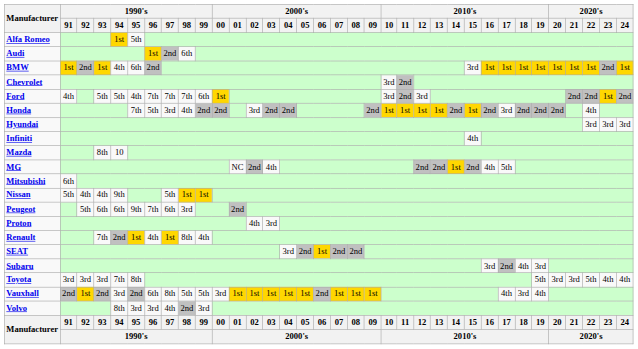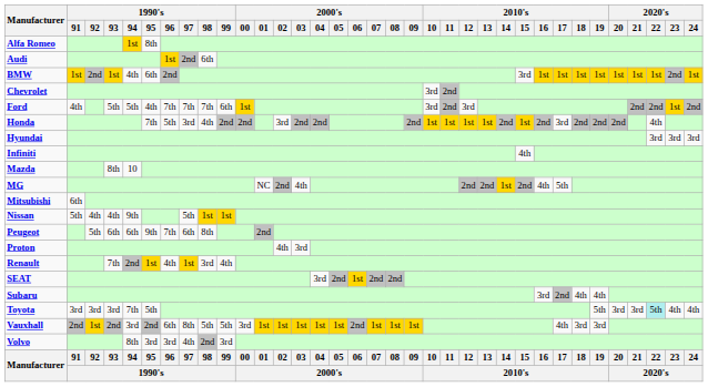 <table class="wikitable" style="font-size:85%; text-align:center">
 <tr>
 <th rowspan=2>Manufacturer</th>
 <th colspan=9>1990's</th>
 <th colspan=10>2000's</th>
 <th colspan=10>2010's</th>
 <th colspan=5>2020's</th>
 </tr>
 <tr>
 <th>91</th>
 <th>92</th>
 <th>93</th>
 <th>94</th>
 <th>95</th>
 <th>96</th>
 <th>97</th>
 <th>98</th>
 <th>99</th>
 <th>00</th>
 <th>01</th>
 <th>02</th>
 <th>03</th>
 <th>04</th>
 <th>05</th>
 <th>06</th>
 <th>07</th>
 <th>08</th>
 <th>09</th>
 <th>10</th>
 <th>11</th>
 <th>12</th>
 <th>13</th>
 <th>14</th>
 <th>15</th>
 <th>16</th>
 <th>17</th>
 <th>18</th>
 <th>19</th>
 <th>20</th>
 <th>21</th>
 <th>22</th>
 <th>23</th>
 <th>24</th>
 </tr>
 <tr>
 <td align="left"> <strong><a href='#'>Alfa Romeo</a></strong></td>
 <td style="background:#ccffcc;" colspan="3"></td>
 <td style="background:gold;">1st</td>
-<td>5th</td>
+<td>8th</td>
 <td style="background:#ccffcc;" colspan="29"></td>
 </tr>
 <tr>
 <td align="left"> <strong><a href='#'>Audi</a></strong></td>
 <td style="background:#ccffcc;" colspan="5"></td>
 <td style="background:gold;">1st</td>
 <td style="background:silver;">2nd</td>
 <td>6th</td>
 <td style="background:#ccffcc;" colspan="26"></td>
 </tr>
 <tr>
 <td align="left"> <strong><a href='#'>BMW</a></strong></td>
 <td style="background:gold;">1st</td>
 <td style="background:silver;">2nd</td>
 <td style="background:gold;">1st</td>
 <td>4th</td>
 <td>6th</td>
 <td style="background:silver;">2nd</td>
 <td style="background:#ccffcc;" colspan="18"></td>
 <td>3rd</td>
 <td style="background:gold;">1st</td>
 <td style="background:gold;">1st</td>
 <td style="background:gold;">1st</td>
 <td style="background:gold;">1st</td>
 <td style="background:gold;">1st</td>
 <td style="background:gold;">1st</td>
 <td style="background:gold;">1st</td>
 <td style="background:silver;">2nd</td>
 <td style="background:gold;">1st</td>
 </tr>
 <tr>
 <td align="left"> <strong><a href='#'>Chevrolet</a></strong></td>
 <td style="background:#ccffcc;" colspan="19"></td>
 <td>3rd</td>
 <td style="background:silver;">2nd</td>
 <td style="background:#ccffcc;" colspan="13"></td>
 </tr>
 <tr>
 <td align="left"> <strong><a href='#'>Ford</a></strong></td>
 <td>4th</td>
 <td style="background:#ccffcc;"></td>
 <td>5th</td>
 <td>5th</td>
 <td>4th</td>
 <td>7th</td>
 <td>7th</td>
 <td>7th</td>
 <td>6th</td>
 <td style="background:gold;">1st</td>
 <td style="background:#ccffcc;" colspan="9"></td>
 <td>3rd</td>
 <td style="background:silver;">2nd</td>
 <td>3rd</td>
 <td style="background:#ccffcc;" colspan="8"></td>
 <td style="background:silver;">2nd</td>
 <td style="background:silver;">2nd</td>
 <td style="background:gold;">1st</td>
 <td style="background:silver;">2nd</td>
 </tr>
 <tr>
 <td align="left"> <strong><a href='#'>Honda</a></strong></td>
 <td style="background:#ccffcc;" colspan="4"></td>
 <td>7th</td>
 <td>5th</td>
 <td>3rd</td>
 <td>4th</td>
 <td style="background:silver;">2nd</td>
 <td style="background:silver;">2nd</td>
 <td style="background:#ccffcc;"></td>
 <td>3rd</td>
 <td style="background:silver;">2nd</td>
 <td style="background:silver;">2nd</td>
 <td style="background:#ccffcc;" colspan="4"></td>
 <td style="background:silver;">2nd</td>
 <td style="background:gold;">1st</td>
 <td style="background:gold;">1st</td>
 <td style="background:gold;">1st</td>
 <td style="background:gold;">1st</td>
 <td style="background:silver;">2nd</td>
 <td style="background:gold;">1st</td>
 <td style="background:silver;">2nd</td>
 <td>3rd</td>
 <td style="background:silver;">2nd</td>
 <td style="background:silver;">2nd</td>
 <td style="background:silver;">2nd</td>
 <td style="background:#ccffcc;"></td>
 <td>4th</td>
 <td style="background:#ccffcc;" colspan="2"></td>
 </tr>
 <tr>
 <td align="left"> <strong><a href='#'>Hyundai</a></strong></td>
 <td style="background:#ccffcc;" colspan="31"></td>
 <td>3rd</td>
 <td>3rd</td>
 <td>3rd</td>
 </tr>
 <tr>
 <td align="left"> <strong><a href='#'>Infiniti</a></strong></td>
 <td style="background:#ccffcc;" colspan="24"></td>
 <td>4th</td>
 <td style="background:#ccffcc;" colspan="9"></td>
 </tr>
 <tr>
 <td align="left"> <strong><a href='#'>Mazda</a></strong></td>
 <td style="background:#ccffcc;" colspan="2"></td>
 <td>8th</td>
 <td>10</td>
 <td style="background:#ccffcc;" colspan="30"></td>
 </tr>
 <tr>
 <td align="left"> <strong><a href='#'>MG</a></strong></td>
 <td style="background:#ccffcc;" colspan="10"></td>
 <td>NC</td>
 <td style="background:silver;">2nd</td>
 <td>4th</td>
 <td style="background:#ccffcc;" colspan="8"></td>
 <td style="background:silver;">2nd</td>
 <td style="background:silver;">2nd</td>
 <td style="background:gold;">1st</td>
 <td style="background:silver;">2nd</td>
 <td>4th</td>
 <td>5th</td>
 <td style="background:#ccffcc;" colspan="7"></td>
 </tr>
 <tr>
 <td align="left"> <strong><a href='#'>Mitsubishi</a></strong></td>
 <td>6th</td>
 <td style="background:#ccffcc;" colspan="33"></td>
 </tr>
 <tr>
 <td align="left"> <strong><a href='#'>Nissan</a></strong></td>
 <td>5th</td>
 <td>4th</td>
 <td>4th</td>
 <td>9th</td>
 <td style="background:#ccffcc;" colspan="2"></td>
 <td>5th</td>
 <td style="background:gold;">1st</td>
 <td style="background:gold;">1st</td>
 <td style="background:#ccffcc;" colspan="25"></td>
 </tr>
 <tr>
 <td align="left"> <strong><a href='#'>Peugeot</a></strong></td>
 <td style="background:#ccffcc;"></td>
 <td>5th</td>
 <td>6th</td>
 <td>6th</td>
 <td>9th</td>
 <td>7th</td>
 <td>6th</td>
-<td>3rd</td>
+<td>8th</td>
 <td style="background:#ccffcc;" colspan="2"></td>
 <td style="background:silver;">2nd</td>
 <td style="background:#ccffcc;" colspan="23"></td>
 </tr>
 <tr>
 <td align="left"> <strong><a href='#'>Proton</a></strong></td>
 <td style="background:#ccffcc;" colspan="11"></td>
 <td>4th</td>
 <td>3rd</td>
 <td 4th     style="background:#ccffcc;" colspan="21"></td>
 </tr>
 <tr rd>
 <td align="left"> <strong><a href='#'>Renault</a></strong></td>
 <td style="background:#ccffcc;" colspan="2"></td>
 <td>7th</td>
 <td style="background:silver;">2nd</td>
 <td style="background:gold;">1st</td>
 <td>4th</td>
 <td style="background:gold;">1st</td>
-<td>8th</td>
+<td>3rd</td>
 <td>4th</td>
 <td style="background:#ccffcc;" colspan="25"></td>
 </tr>
 <tr>
 <td align="left"> <strong><a href='#'>SEAT</a></strong></td>
 <td style="background:#ccffcc;" colspan="13"></td>
 <td>3rd</td>
 <td style="background:silver;">2nd</td>
 <td style="background:gold;">1st</td>
 <td style="background:silver;">2nd</td>
 <td style="background:silver;">2nd</td>
 <td style="background:#ccffcc;" colspan="16"></td>
 </tr>
 <tr>
 <td align="left"> <strong><a href='#'>Subaru</a></strong></td>
 <td style="background:#ccffcc;" colspan="25"></td>
 <td>3rd</td>
 <td style="background:silver;">2nd</td>
 <td>4th</td>
-<td>3rd</td>
+<td>4th</td>
 <td style="background:#ccffcc;" colspan="5"></td>
 </tr>
 <tr>
 <td align="left"> <strong><a href='#'>Toyota</a></strong></td>
 <td>3rd</td>
 <td>3rd</td>
 <td>3rd</td>
 <td>7th</td>
-<td>8th</td>
+<td>5th</td>
 <td style="background:#ccffcc;" colspan="23"></td>
 <td>5th</td>
 <td>3rd</td>
 <td>3rd</td>
-<td>5th</td>
+<td style="background: paleturquoise;">5th</td>
 <td>4th</td>
 <td>4th</td>
 </tr>
 <tr>
 <td align="left"> <strong><a href='#'>Vauxhall</a></strong></td>
 <td style="background:silver;">2nd</td>
 <td style="background:gold;">1st</td>
 <td style="background:silver;">2nd</td>
 <td>3rd</td>
 <td style="background:silver;">2nd</td>
 <td>6th</td>
 <td>8th</td>
 <td>5th</td>
 <td>5th</td>
 <td>3rd</td>
 <td style="background:gold;">1st</td>
 <td style="background:gold;">1st</td>
 <td style="background:gold;">1st</td>
 <td style="background:gold;">1st</td>
 <td style="background:gold;">1st</td>
 <td style="background:silver;">2nd</td>
 <td style="background:gold;">1st</td>
 <td style="background:gold;">1st</td>
 <td style="background:gold;">1st</td>
 <td style="background:#ccffcc;" colspan="7"></td>
 <td>4th</td>
 <td>3rd</td>
-<td>4th</td>
+<td>3rd</td>
 <td style="background:#ccffcc;" colspan="5"></td>
 </tr>
 <tr>
 <td align="left"> <strong><a href='#'>Volvo</a></strong></td>
 <td style="background:#ccffcc;" colspan="3"></td>
 <td>8th</td>
 <td>3rd</td>
 <td>3rd</td>
 <td>4th</td>
 <td style="background:silver;">2nd</td>
 <td>3rd</td>
 <td style="background:#ccffcc;" colspan="25"></td>
 </tr>
 <tr>
 <th rowspan=2>Manufacturer</th>
 <th>91</th>
 <th>92</th>
 <th>93</th>
 <th>94</th>
 <th>95</th>
 <th>96</th>
 <th>97</th>
 <th>98</th>
 <th>99</th>
 <th>00</th>
 <th>01</th>
 <th>02</th>
 <th>03</th>
 <th>04</th>
 <th>05</th>
 <th>06</th>
 <th>07</th>
 <th>08</th>
 <th>09</th>
 <th>10</th>
 <th>11</th>
 <th>12</th>
 <th>13</th>
 <th>14</th>
 <th>15</th>
 <th>16</th>
 <th>17</th>
 <th>18</th>
 <th>19</th>
 <th>20</th>
 <th>21</th>
 <th>22</th>
 <th>23</th>
 <th>24</th>
 </tr>
 <tr>
 <th colspan=9>1990's</th>
 <th colspan=10>2000's</th>
 <th colspan=10>2010's</th>
 <th colspan=5>2020's</th>
 </tr>
 </table>
